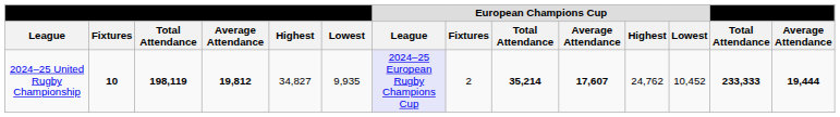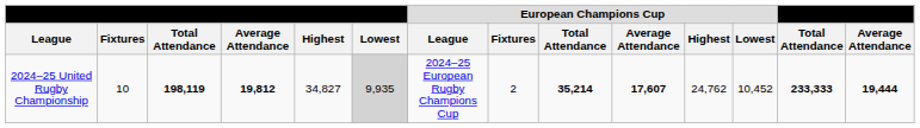 <table class="wikitable sortable" style="font-size:90%; width:90%;">
 <tr>
 <td colspan="6" class="wikitable sortable" style="width:45%; background:#000000; text-align:center;"><span><strong>Domestic League</strong></span></td>
 <td colspan="6" class="wikitable sortable" style="width:45%; background:#dddddd; text-align:center;"><span><strong>European Champions Cup</strong></span></td>
 <td colspan="2" class="wikitable sortable" style="width:45%; background:#000000; text-align:center;"><span><strong>Total</strong></span></td>
 </tr>
 <tr>
 <th style="width:15%;">League</th>
 <th style="width:5%;">Fixtures</th>
 <th style="width:10%;">Total Attendance</th>
 <th style="width:10%;">Average Attendance</th>
 <th style="width:10%;">Highest</th>
 <th style="width:10%;">Lowest</th>
 <th style="width:15%;">League</th>
 <th style="width:5%;">Fixtures</th>
 <th style="width:10%;">Total Attendance</th>
 <th style="width:10%;">Average Attendance</th>
 <th style="width:10%;">Highest</th>
 <th style="width:10%;">Lowest</th>
 <th style="width:10%;">Total Attendance</th>
 <th style="width:10%;"><strong>Average Attendance</strong></th>
 </tr>
 <tr>
 <td align="center"><a href='#'>2024–25 United Rugby Championship</a></td>
-<td align="center"><strong>10</strong></td>
+<td align="center">10</td>
 <td align="center"><strong>198,119</strong></td>
 <td align="center"><strong>19,812</strong></td>
 <td align="center">34,827</td>
-<td align="center">9,935</td>
-<td align="center" style="background: lavender;"><a href='#'>2024–25 European Rugby Champions Cup</a></td>
+<td align="center" style="background: lightgrey;">9,935</td>
+<td align="center"><a href='#'>2024–25 European Rugby Champions Cup</a></td>
 <td align="center">2</td>
 <td align="center"><strong>35,214</strong></td>
 <td align="center"><strong>17,607</strong></td>
 <td align="center">24,762</td>
 <td align="center">10,452</td>
 <td align="center"><strong>233,333</strong></td>
 <td align="center"><strong>19,444</strong></td>
 </tr>
 </table>
